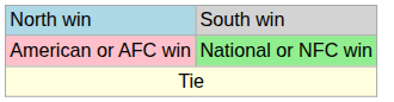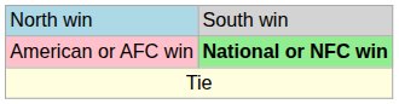 <table class="wikitable" style="text-align:left">
 <tr>
 <td bgcolor=lightblue>North win</td>
 <td bgcolor=lightgrey>South win</td>
 </tr>
 <tr>
 <td bgcolor=pink>American or AFC win</td>
-<td bgcolor=lightgreen>National or NFC win</td>
+<td bgcolor=lightgreen><strong>National or NFC win</strong></td>
 </tr>
 <tr>
 <td colspan=2 align=center bgcolor=lightyellow>Tie</td>
 </tr>
 </table>
